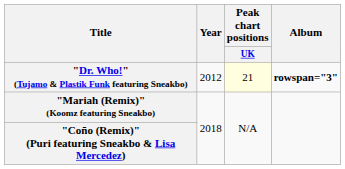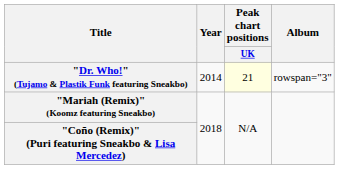 <table class="wikitable plainrowheaders" style="text-align:center;">
 <tr>
 <th scope="col" rowspan="2" style="width:17em;">Title</th>
 <th scope="col" rowspan="2" style="width:1em;">Year</th>
 <th scope="col">Peak chart positions</th>
 <th scope="col" rowspan="2">Album</th>
 </tr>
 <tr>
 <th scope="col" style="width:3em;font-size:85%;"><a href='#'>UK</a><br></th>
 </tr>
 <tr>
 <th scope="row">"<a href='#'>Dr. Who!</a>"<br><small>(<a href='#'>Tujamo</a> & <a href='#'>Plastik Funk</a> featuring Sneakbo)</small></th>
-<td>2012</td>
+<td>2014</td>
 <td style="background: lightyellow;">21</td>
-<td><strong>rowspan="3" </strong></td>
+<td>rowspan="3" </td>
 </tr>
 <tr>
 <th scope="row">"Mariah (Remix)"<br><small>(Koomz featuring Sneakbo)</small></th>
 <td rowspan="2">2018</td>
 <td rowspan="2">N/A</td>
 </tr>
 <tr>
 <th scope="row">"Coño (Remix)"<br><span>(Puri featuring Sneakbo & <a href='#'>Lisa Mercedez</a>)</span></th>
 </tr>
 </table>
